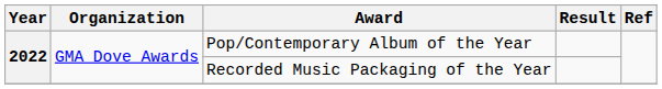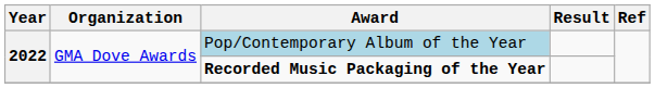 <table class="wikitable plainrowheaders">
 <tr>
 <th>Year</th>
 <th>Organization</th>
 <th>Award</th>
 <th>Result</th>
 <th>Ref</th>
 </tr>
 <tr>
 <th scope="row" rowspan="2">2022</th>
 <td rowspan="2"><a href='#'>GMA Dove Awards</a></td>
-<td>Pop/Contemporary Album of the Year</td>
+<td style="background: lightblue;">Pop/Contemporary Album of the Year</td>
 <td></td>
 <td rowspan="2"></td>
 </tr>
 <tr>
-<td>Recorded Music Packaging of the Year</td>
+<td><strong>Recorded Music Packaging of the Year</strong></td>
 <td></td>
 </tr>
 <tr>
 </tr>
 </table>
